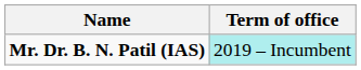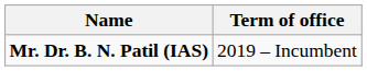 <table class="wikitable">
 <tr>
 <th>Name</th>
 <th>Term of office</th>
 </tr>
 <tr>
 <td><strong>Mr. Dr. B. N. Patil (IAS)</strong></td>
-<td style="background: paleturquoise;">2019 – Incumbent</td>
+<td>2019 – Incumbent</td>
 </tr>
 </table>
